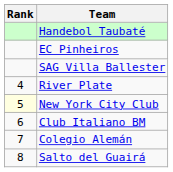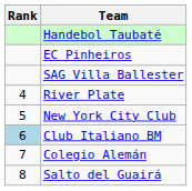 <table class="wikitable">
 <tr>
 <th>Rank</th>
 <th>Team</th>
 </tr>
 <tr bgcolor=ccffcc>
 <td align=center></td>
 <td> <a href='#'>Handebol Taubaté</a></td>
 </tr>
 <tr>
 <td align=center></td>
 <td> <a href='#'>EC Pinheiros</a></td>
 </tr>
 <tr>
 <td align=center></td>
 <td> <a href='#'>SAG Villa Ballester</a></td>
 </tr>
 <tr>
 <td align=center>4</td>
 <td> <a href='#'>River Plate</a></td>
 </tr>
 <tr>
-<td align=center style="background: lightyellow;">5</td>
+<td align=center>5</td>
 <td> <a href='#'>New York City Club</a></td>
 </tr>
 <tr>
-<td align=center>6</td>
+<td align=center style="background: lightblue;">6</td>
 <td> <a href='#'>Club Italiano BM</a></td>
 </tr>
 <tr>
 <td align=center>7</td>
 <td> <a href='#'>Colegio Alemán</a></td>
 </tr>
 <tr>
 <td align=center>8</td>
 <td> <a href='#'>Salto del Guairá</a></td>
 </tr>
 </table>
